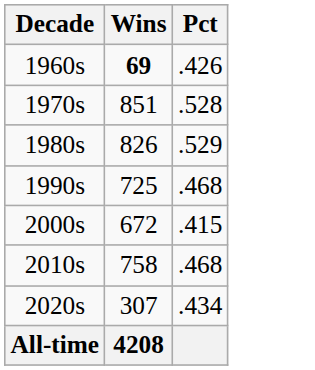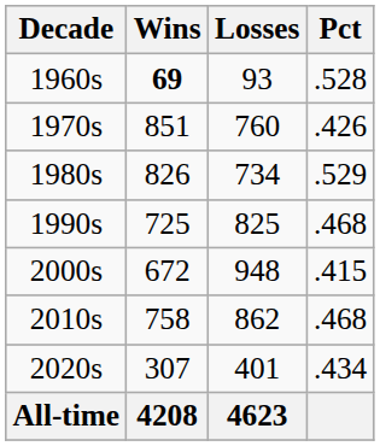 <table class="wikitable" style="text-align:center">
 <tr>
 <th style="text-align:center; ">Decade</th>
 <th style="text-align:center; ">Wins</th>
+<th style="text-align:center; ">Losses</th>
 <th style="text-align:center; ">Pct</th>
 </tr>
 <tr>
 <td>1960s</td>
 <td><strong>69</strong></td>
-<td>.426</td>
+<td>93</td>
+<td>.528</td>
 </tr>
 <tr>
 <td>1970s</td>
 <td>851</td>
-<td>.528</td>
+<td>760</td>
+<td>.426</td>
 </tr>
 <tr>
 <td>1980s</td>
 <td>826</td>
+<td>734</td>
 <td>.529</td>
 </tr>
 <tr>
 <td>1990s</td>
 <td>725</td>
+<td>825</td>
 <td>.468</td>
 </tr>
 <tr>
 <td>2000s</td>
 <td>672</td>
+<td>948</td>
 <td>.415</td>
 </tr>
 <tr>
 <td>2010s</td>
 <td>758</td>
+<td>862</td>
 <td>.468</td>
 </tr>
 <tr>
 <td>2020s</td>
 <td>307</td>
+<td>401</td>
 <td>.434</td>
 </tr>
 <tr style="background:#f0f0f0; font-weight:bold">
 <th style="text-align:center; ">All-time</th>
 <th style="text-align:center; ">4208</th>
+<th style="text-align:center; ">4623</th>
 <th style="text-align:center; "></th>
 </tr>
 </table>
